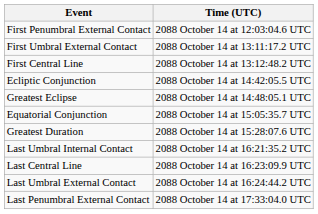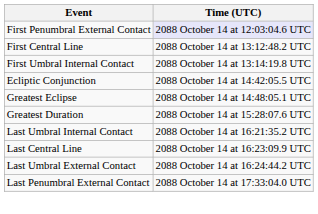 <table class="wikitable">
 <tr>
 <th>Event</th>
 <th>Time (UTC)</th>
 </tr>
 <tr>
 <td>First Penumbral External Contact</td>
-<td>2088 October 14 at 12:03:04.6 UTC</td>
-</tr>
-<tr>
-<td>First Umbral External Contact</td>
-<td>2088 October 14 at 13:11:17.2 UTC</td>
+<td style="background: lavender;">2088 October 14 at 12:03:04.6 UTC</td>
 </tr>
 <tr>
 <td>First Central Line</td>
 <td>2088 October 14 at 13:12:48.2 UTC</td>
+</tr>
+<tr>
+<td>First Umbral Internal Contact</td>
+<td>2088 October 14 at 13:14:19.8 UTC</td>
 </tr>
 <tr>
 <td>Ecliptic Conjunction</td>
 <td>2088 October 14 at 14:42:05.5 UTC</td>
 </tr>
 <tr>
 <td>Greatest Eclipse</td>
 <td>2088 October 14 at 14:48:05.1 UTC</td>
-</tr>
-<tr>
-<td>Equatorial Conjunction</td>
-<td>2088 October 14 at 15:05:35.7 UTC</td>
 </tr>
 <tr>
 <td>Greatest Duration</td>
 <td>2088 October 14 at 15:28:07.6 UTC</td>
 </tr>
 <tr>
 <td>Last Umbral Internal Contact</td>
 <td>2088 October 14 at 16:21:35.2 UTC</td>
 </tr>
 <tr>
 <td>Last Central Line</td>
 <td>2088 October 14 at 16:23:09.9 UTC</td>
 </tr>
 <tr>
 <td>Last Umbral External Contact</td>
 <td>2088 October 14 at 16:24:44.2 UTC</td>
 </tr>
 <tr>
 <td>Last Penumbral External Contact</td>
 <td>2088 October 14 at 17:33:04.0 UTC</td>
 </tr>
 </table>
